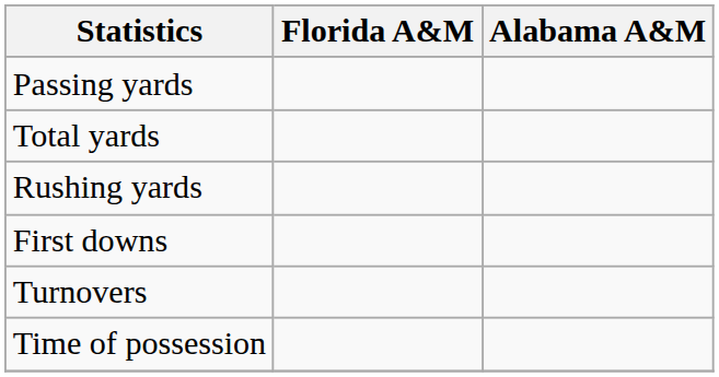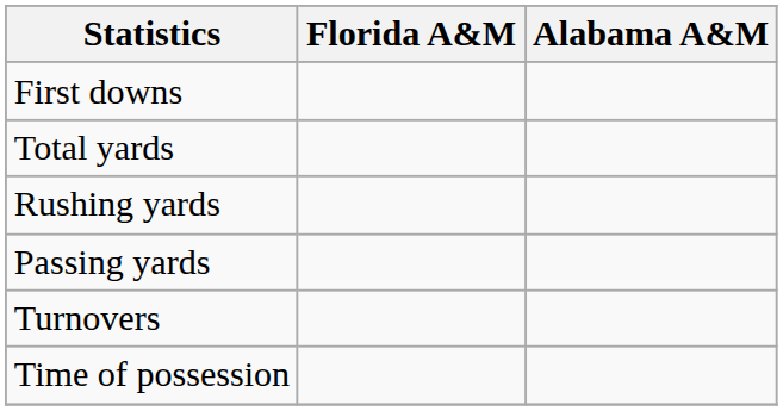 <table class="wikitable">
 <tr>
 <th>Statistics</th>
 <th>Florida A&M</th>
 <th>Alabama A&M</th>
 </tr>
 <tr>
-<td>Passing yards</td>
+<td>First downs</td>
 <td> </td>
 <td> </td>
 </tr>
 <tr>
 <td>Total yards</td>
 <td> </td>
 <td> </td>
 </tr>
 <tr>
 <td>Rushing yards</td>
 <td> </td>
 <td> </td>
 </tr>
 <tr>
-<td>First downs</td>
+<td>Passing yards</td>
 <td> </td>
 <td> </td>
 </tr>
 <tr>
 <td>Turnovers</td>
 <td> </td>
 <td> </td>
 </tr>
 <tr>
 <td>Time of possession</td>
 <td> </td>
 <td> </td>
 </tr>
 <tr>
 </tr>
 </table>
